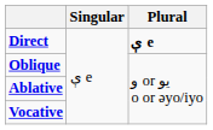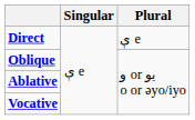 <table class="wikitable">
 <tr>
 <th></th>
 <th>Singular</th>
 <th>Plural</th>
 </tr>
 <tr>
 <td><strong><a href='#'>Direct</a></strong></td>
 <td rowspan="4">ې e</td>
-<td><strong>ې e</strong></td>
+<td>ې e</td>
 </tr>
 <tr>
 <td><strong><a href='#'>Oblique</a></strong></td>
 <td rowspan="3">و or یو<br>o or әyo/iyo</td>
 </tr>
 <tr>
 <td><strong><a href='#'>Ablative</a></strong></td>
 </tr>
 <tr>
 <td><strong><a href='#'>Vocative</a></strong></td>
 </tr>
 </table>
